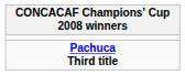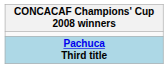 <table class="wikitable" style="text-align: center; margin: 0 auto; width: 20%">
 <tr>
 <th>CONCACAF Champions' Cup<br>2008 winners</th>
 </tr>
 <tr>
 <td></td>
 </tr>
 <tr>
-<td><strong><a href='#'>Pachuca</a></strong><br><strong>Third title</strong></td>
+<td style="background: lightblue;"><strong><a href='#'>Pachuca</a></strong><br><strong>Third title</strong></td>
 </tr>
 </table>
